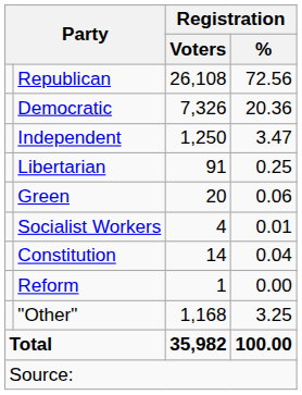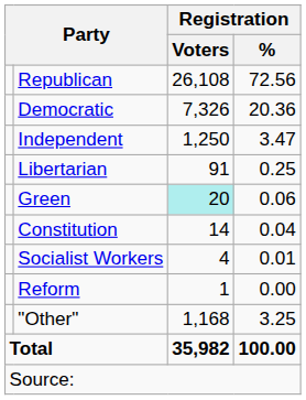 <table class="wikitable">
 <tr>
 <th colspan="2" rowspan="2">Party</th>
 <th colspan="2">Registration</th>
 </tr>
 <tr>
 <th>Voters</th>
 <th>%</th>
 </tr>
 <tr>
 <td style="background-color:"></td>
 <td><a href='#'>Republican</a></td>
 <td style="text-align:right;">26,108</td>
 <td style="text-align:right;">72.56</td>
 </tr>
 <tr>
 <td style="background-color:"></td>
 <td><a href='#'>Democratic</a></td>
 <td style="text-align:right;">7,326</td>
 <td style="text-align:right;">20.36</td>
 </tr>
 <tr>
 <td style="background-color:"></td>
 <td><a href='#'>Independent</a></td>
 <td style="text-align:right;">1,250</td>
 <td style="text-align:right;">3.47</td>
 </tr>
 <tr>
 <td style="background-color:"></td>
 <td><a href='#'>Libertarian</a></td>
 <td style="text-align:right;">91</td>
 <td style="text-align:right;">0.25</td>
 </tr>
 <tr>
 <td style="background-color:"></td>
 <td><a href='#'>Green</a></td>
-<td style="text-align:right;">20</td>
+<td style="background: paleturquoise; text-align:right;">20</td>
 <td style="text-align:right;">0.06</td>
+</tr>
+<tr>
+<td style="background-color:"></td>
+<td><a href='#'>Constitution</a></td>
+<td style="text-align:right;">14</td>
+<td style="text-align:right;">0.04</td>
 </tr>
 <tr>
 <td style="background-color:"></td>
 <td><a href='#'>Socialist Workers</a></td>
 <td style="text-align:right;">4</td>
 <td style="text-align:right;">0.01</td>
-</tr>
-<tr>
-<td style="background-color:"></td>
-<td><a href='#'>Constitution</a></td>
-<td style="text-align:right;">14</td>
-<td style="text-align:right;">0.04</td>
 </tr>
 <tr>
 <td style="background-color:"></td>
 <td><a href='#'>Reform</a></td>
 <td style="text-align:right;">1</td>
 <td style="text-align:right;">0.00</td>
 </tr>
 <tr>
 <td></td>
 <td>"Other"</td>
 <td style="text-align:right;">1,168</td>
 <td style="text-align:right;">3.25</td>
 </tr>
 <tr>
 <td colspan="2"><strong>Total</strong></td>
 <td style="text-align:right;"><strong>35,982</strong></td>
 <td style="text-align:right;"><strong>100.00</strong></td>
 </tr>
 <tr>
 <td colspan="4">Source: <em></em></td>
 </tr>
 </table>
